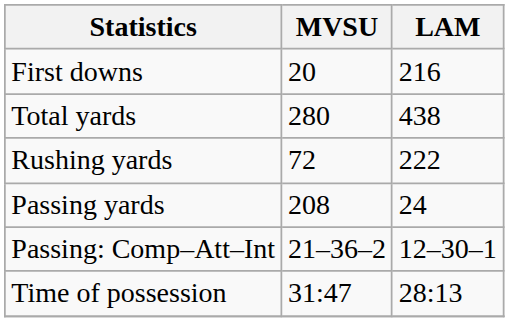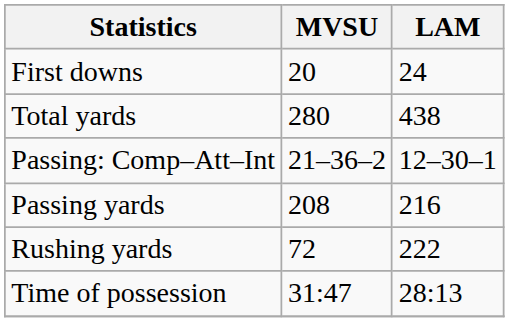 <table class="wikitable" style="float: left;">
 <tr>
 <th>Statistics</th>
 <th>MVSU</th>
 <th>LAM</th>
 </tr>
 <tr>
 <td>First downs</td>
 <td>20</td>
-<td>216</td>
+<td>24</td>
 </tr>
 <tr>
 <td>Total yards</td>
 <td>280</td>
 <td>438</td>
 </tr>
 <tr>
-<td>Rushing yards</td>
-<td>72</td>
-<td>222</td>
+<td>Passing: Comp–Att–Int</td>
+<td>21–36–2</td>
+<td>12–30–1</td>
 </tr>
 <tr>
 <td>Passing yards</td>
 <td>208</td>
-<td>24</td>
+<td>216</td>
 </tr>
 <tr>
-<td>Passing: Comp–Att–Int</td>
-<td>21–36–2</td>
-<td>12–30–1</td>
+<td>Rushing yards</td>
+<td>72</td>
+<td>222</td>
 </tr>
 <tr>
 <td>Time of possession</td>
 <td>31:47</td>
 <td>28:13</td>
 </tr>
 <tr>
 </tr>
 </table>
